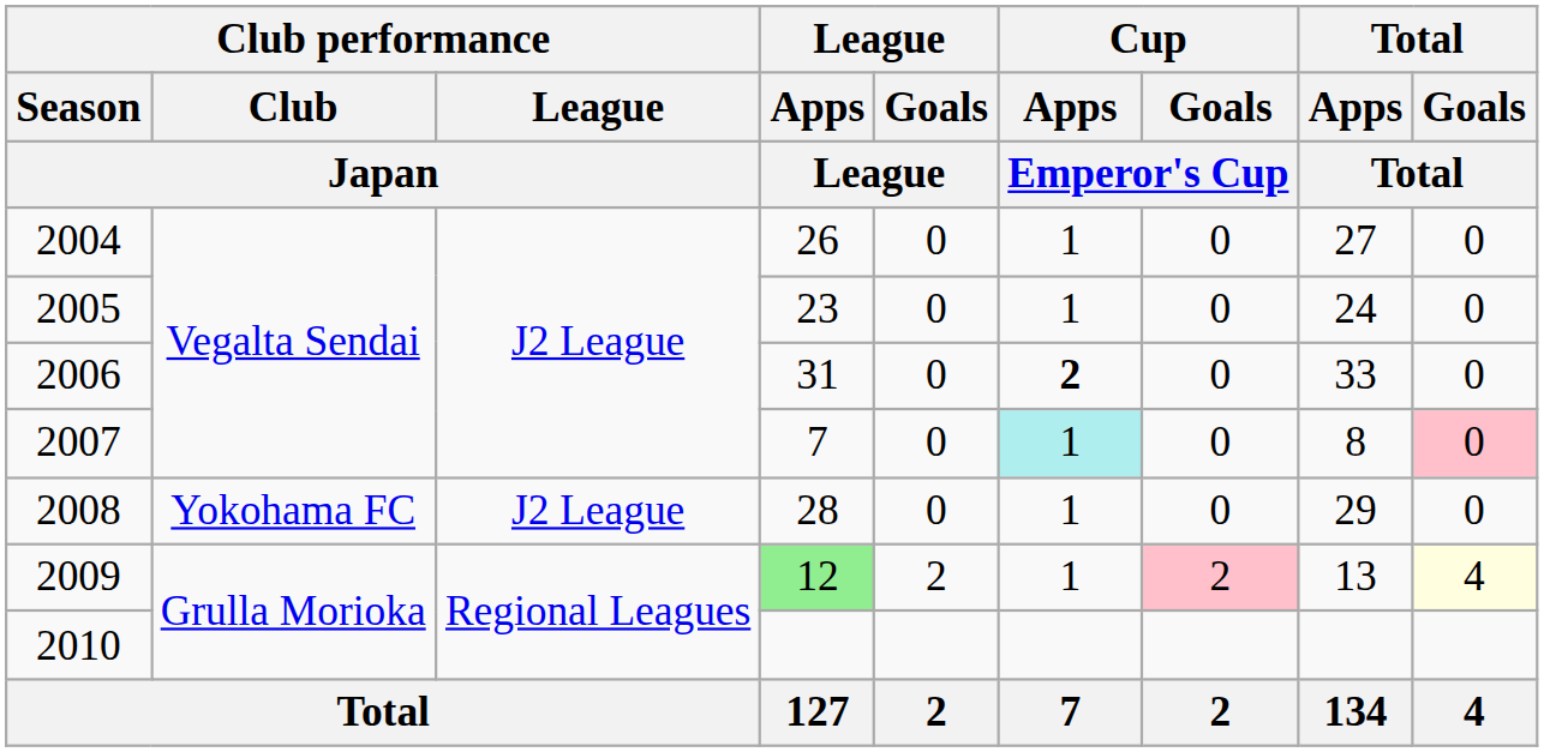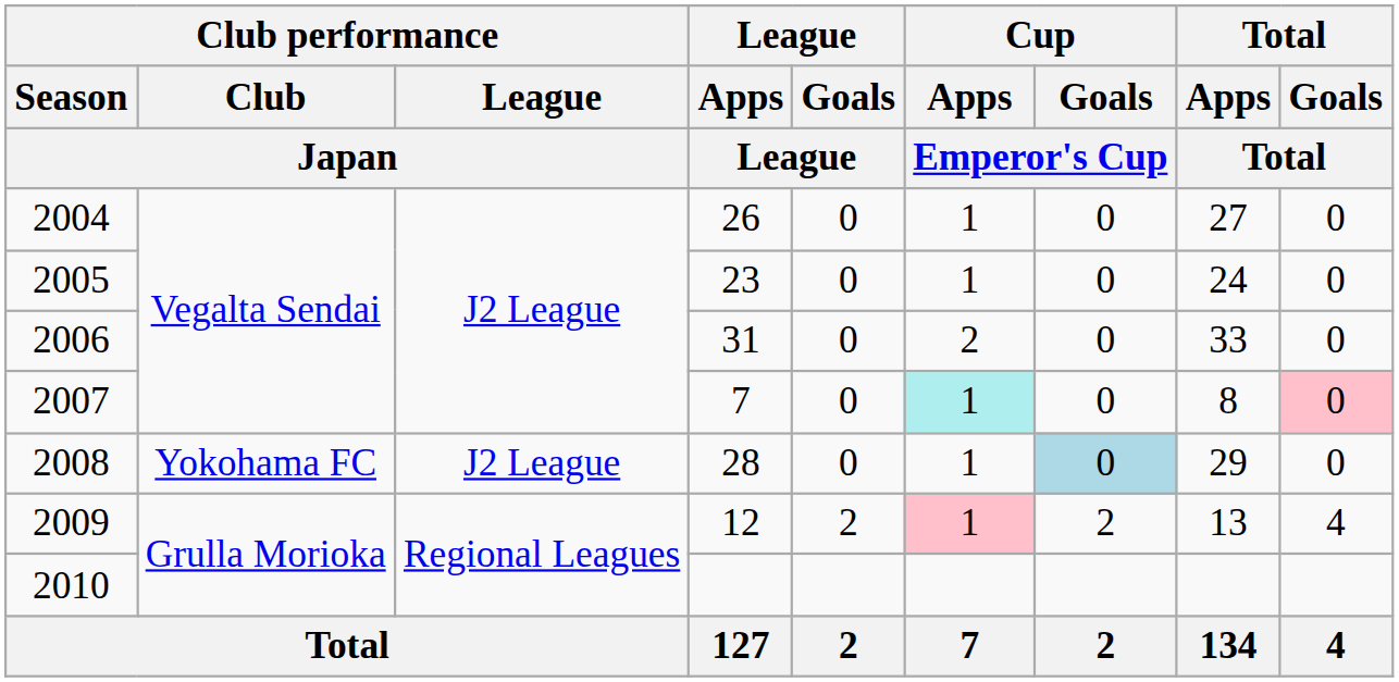 <table class="wikitable" style="text-align:center;">
 <tr>
 <th colspan=3>Club performance</th>
 <th colspan=2>League</th>
 <th colspan=2>Cup</th>
 <th colspan=2>Total</th>
 </tr>
 <tr>
 <th>Season</th>
 <th>Club</th>
 <th>League</th>
 <th>Apps</th>
 <th>Goals</th>
 <th>Apps</th>
 <th>Goals</th>
 <th>Apps</th>
 <th>Goals</th>
 </tr>
 <tr>
 <th colspan=3>Japan</th>
 <th colspan=2>League</th>
 <th colspan=2><a href='#'>Emperor's Cup</a></th>
 <th colspan=2>Total</th>
 </tr>
 <tr>
 <td>2004</td>
 <td rowspan="4"><a href='#'>Vegalta Sendai</a></td>
 <td rowspan="4"><a href='#'>J2 League</a></td>
 <td>26</td>
 <td>0</td>
 <td>1</td>
 <td>0</td>
 <td>27</td>
 <td>0</td>
 </tr>
 <tr>
 <td>2005</td>
 <td>23</td>
 <td>0</td>
 <td>1</td>
 <td>0</td>
 <td>24</td>
 <td>0</td>
 </tr>
 <tr>
 <td>2006</td>
 <td>31</td>
 <td>0</td>
-<td><strong>2</strong></td>
+<td>2</td>
 <td>0</td>
 <td>33</td>
 <td>0</td>
 </tr>
 <tr>
 <td>2007</td>
 <td>7</td>
 <td>0</td>
 <td style="background: paleturquoise;">1</td>
 <td>0</td>
 <td>8</td>
 <td style="background: pink;">0</td>
 </tr>
 <tr>
 <td>2008</td>
 <td><a href='#'>Yokohama FC</a></td>
 <td><a href='#'>J2 League</a></td>
 <td>28</td>
 <td>0</td>
 <td>1</td>
-<td>0</td>
+<td style="background: lightblue;">0</td>
 <td>29</td>
 <td>0</td>
 </tr>
 <tr>
 <td>2009</td>
 <td rowspan="2"><a href='#'>Grulla Morioka</a></td>
 <td rowspan="2"><a href='#'>Regional Leagues</a></td>
-<td style="background: lightgreen;">12</td>
+<td>12</td>
 <td>2</td>
-<td>1</td>
-<td style="background: pink;">2</td>
+<td style="background: pink;">1</td>
+<td>2</td>
 <td>13</td>
-<td style="background: lightyellow;">4</td>
+<td>4</td>
 </tr>
 <tr>
 <td>2010</td>
 <td></td>
 <td></td>
 <td></td>
 <td></td>
 <td></td>
 <td></td>
 </tr>
 <tr>
 <th colspan=3>Total</th>
 <th>127</th>
 <th>2</th>
 <th>7</th>
 <th>2</th>
 <th>134</th>
 <th>4</th>
 </tr>
 </table>
